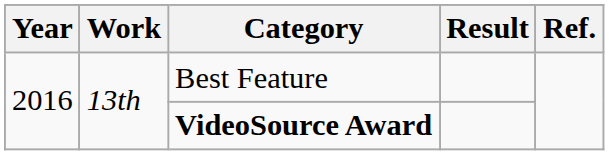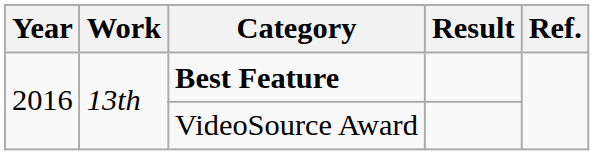 <table class="wikitable">
 <tr>
 <th>Year</th>
 <th>Work</th>
 <th>Category</th>
 <th>Result</th>
 <th>Ref.</th>
 </tr>
 <tr>
 <td rowspan="2">2016</td>
 <td rowspan="2"><em>13th</em></td>
-<td>Best Feature</td>
+<td><strong>Best Feature</strong></td>
 <td></td>
 <td rowspan="2"></td>
 </tr>
 <tr>
-<td><strong>VideoSource Award</strong></td>
+<td>VideoSource Award</td>
 <td></td>
 </tr>
 </table>
